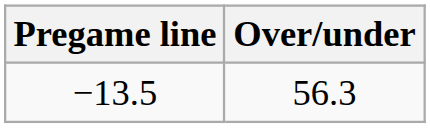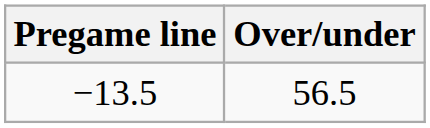 <table class="wikitable" style="margin-left: auto; margin-right: auto; border: none; display: inline-table;">
 <tr style="text-align:center">
 <th style=>Pregame line</th>
 <th style=>Over/under</th>
 </tr>
 <tr style="text-align:center">
 <td>−13.5</td>
-<td>56.3</td>
+<td>56.5</td>
 </tr>
 </table>
